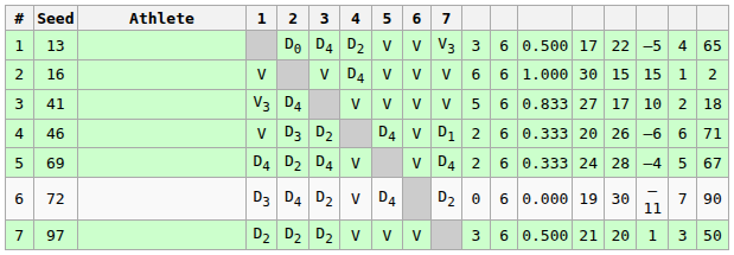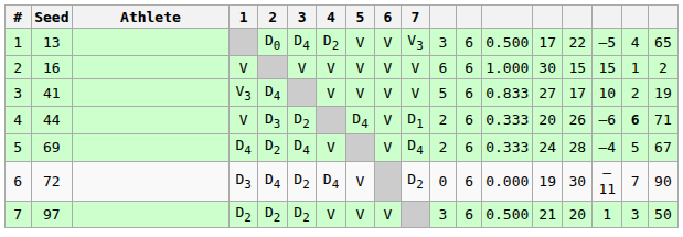 <table class="wikitable" style="text-align:center">
 <tr>
 <th width="25">#</th>
 <th width="25">Seed</th>
 <th width="200">Athlete</th>
 <th width="25">1</th>
 <th width="25">2</th>
 <th width="25">3</th>
 <th width="25">4</th>
 <th width="25">5</th>
 <th width="25">6</th>
 <th width="25">7</th>
 <th width="25"></th>
 <th width="25"></th>
 <th width="40"></th>
 <th width="25"></th>
 <th width="25"></th>
 <th width="25"></th>
 <th width="25"></th>
 <th width="25"></th>
 </tr>
 <tr bgcolor="ccffcc">
 <td>1</td>
 <td>13</td>
 <td align=left></td>
 <td bgcolor="#cccccc"></td>
 <td>D<sub>0</sub></td>
 <td>D<sub>4</sub></td>
 <td>D<sub>2</sub></td>
 <td>V</td>
 <td>V</td>
 <td>V<sub>3</sub></td>
 <td>3</td>
 <td>6</td>
 <td>0.500</td>
 <td>17</td>
 <td>22</td>
 <td>–5</td>
 <td>4</td>
 <td>65</td>
 </tr>
 <tr bgcolor="ccffcc">
 <td>2</td>
 <td>16</td>
 <td align=left></td>
 <td>V</td>
 <td bgcolor="#cccccc"></td>
 <td>V</td>
-<td>D<sub>4</sub></td>
+<td>V</td>
 <td>V</td>
 <td>V</td>
 <td>V</td>
 <td>6</td>
 <td>6</td>
 <td>1.000</td>
 <td>30</td>
 <td>15</td>
 <td>15</td>
 <td>1</td>
 <td>2</td>
 </tr>
 <tr bgcolor="ccffcc">
 <td>3</td>
 <td>41</td>
 <td align=left></td>
 <td>V<sub>3</sub></td>
 <td>D<sub>4</sub></td>
 <td bgcolor="#cccccc"></td>
 <td>V</td>
 <td>V</td>
 <td>V</td>
 <td>V</td>
 <td>5</td>
 <td>6</td>
 <td>0.833</td>
 <td>27</td>
 <td>17</td>
 <td>10</td>
 <td>2</td>
-<td>18</td>
+<td>19</td>
 </tr>
 <tr bgcolor="ccffcc">
 <td>4</td>
-<td>46</td>
+<td>44</td>
 <td align=left></td>
 <td>V</td>
 <td>D<sub>3</sub></td>
 <td>D<sub>2</sub></td>
 <td bgcolor="#cccccc"></td>
 <td>D<sub>4</sub></td>
 <td>V</td>
 <td>D<sub>1</sub></td>
 <td>2</td>
 <td>6</td>
 <td>0.333</td>
 <td>20</td>
 <td>26</td>
 <td>–6</td>
-<td>6</td>
+<td><strong>6</strong></td>
 <td>71</td>
 </tr>
 <tr bgcolor="ccffcc">
 <td>5</td>
 <td>69</td>
 <td align=left></td>
 <td>D<sub>4</sub></td>
 <td>D<sub>2</sub></td>
 <td>D<sub>4</sub></td>
 <td>V</td>
 <td bgcolor="#cccccc"></td>
 <td>V</td>
 <td>D<sub>4</sub></td>
 <td>2</td>
 <td>6</td>
 <td>0.333</td>
 <td>24</td>
 <td>28</td>
 <td>–4</td>
 <td>5</td>
 <td>67</td>
 </tr>
 <tr>
 <td>6</td>
 <td>72</td>
 <td align=left></td>
 <td>D<sub>3</sub></td>
 <td>D<sub>4</sub></td>
 <td>D<sub>2</sub></td>
+<td>D<sub>4</sub></td>
 <td>V</td>
-<td>D<sub>4</sub></td>
 <td bgcolor="#cccccc"></td>
 <td>D<sub>2</sub></td>
 <td>0</td>
 <td>6</td>
 <td>0.000</td>
 <td>19</td>
 <td>30</td>
 <td>–11</td>
 <td>7</td>
 <td>90</td>
 </tr>
 <tr bgcolor="ccffcc">
 <td>7</td>
 <td>97</td>
 <td align=left></td>
 <td>D<sub>2</sub></td>
 <td>D<sub>2</sub></td>
 <td>D<sub>2</sub></td>
 <td>V</td>
 <td>V</td>
 <td>V</td>
 <td bgcolor="#cccccc"></td>
 <td>3</td>
 <td>6</td>
 <td>0.500</td>
 <td>21</td>
 <td>20</td>
 <td>1</td>
 <td>3</td>
 <td>50</td>
 </tr>
 </table>
